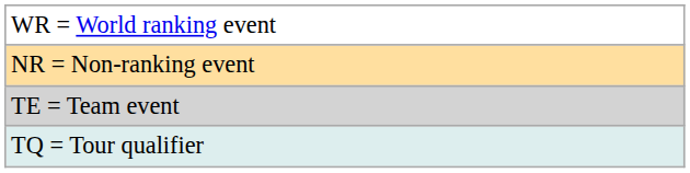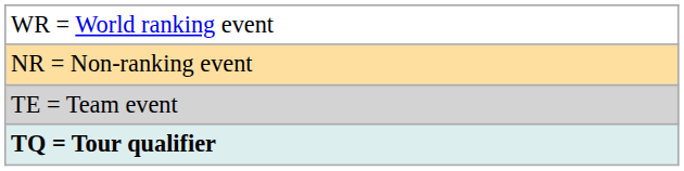 <table class="wikitable" style="font-size:85%;" width=30%>
 <tr bgcolor="#ffffff">
 <td>WR = <a href='#'>World ranking</a> event</td>
 </tr>
 <tr style="background:#ffdf9f;">
 <td>NR = Non-ranking event</td>
 </tr>
 <tr style="background:lightgray;">
 <td>TE = Team event</td>
 </tr>
 <tr bgcolor="#ddeeee">
-<td>TQ = Tour qualifier</td>
+<td><strong>TQ = Tour qualifier</strong></td>
 </tr>
 </table>
